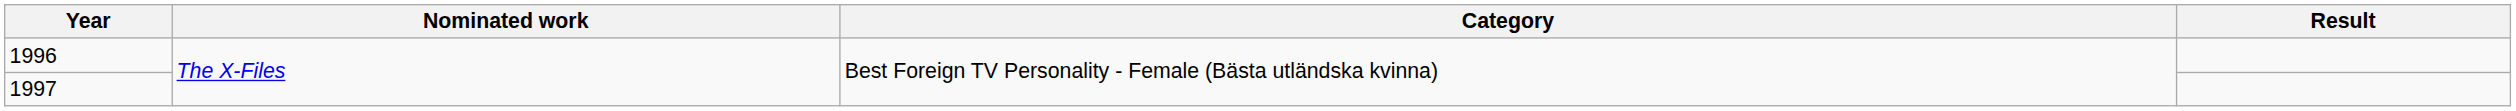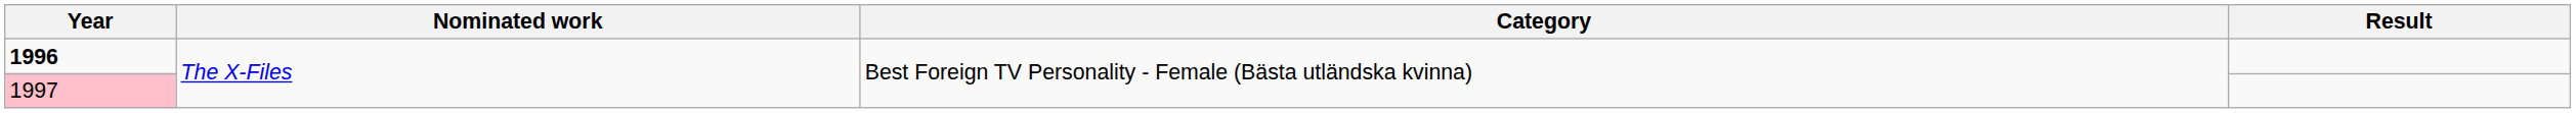 <table style="width:95%;" class="wikitable sortable">
 <tr>
 <th style="width:5%;">Year</th>
 <th style="width:20%;">Nominated work</th>
 <th style="width:40%;">Category</th>
 <th style="width:10%;">Result</th>
 </tr>
 <tr>
-<td>1996</td>
+<td><strong>1996</strong></td>
 <td rowspan=2><em><a href='#'>The X-Files</a></em></td>
 <td rowspan=2>Best Foreign TV Personality - Female (Bästa utländska kvinna)</td>
 <td></td>
 </tr>
 <tr>
-<td>1997</td>
+<td style="background: pink;">1997</td>
 <td></td>
 </tr>
 </table>
